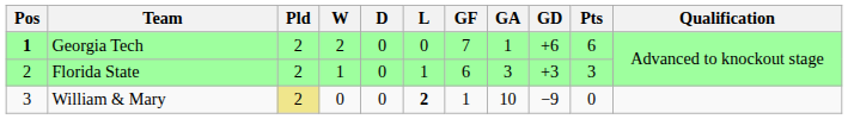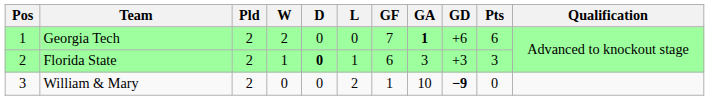 <table class="wikitable" style="text-align:center; margin: 1em auto">
 <tr>
 <th style="width:2em">Pos</th>
 <th style="width:13em">Team</th>
 <th style="width:2em">Pld</th>
 <th style="width:2em">W</th>
 <th style="width:2em">D</th>
 <th style="width:2em">L</th>
 <th style="width:2em">GF</th>
 <th style="width:2em">GA</th>
 <th style="width:2em">GD</th>
 <th style="width:2em">Pts</th>
 <th style="width:13em">Qualification</th>
 </tr>
 <tr bgcolor="#9eff9e">
-<td><strong>1</strong></td>
+<td>1</td>
 <td style="text-align:left">Georgia Tech</td>
 <td>2</td>
 <td>2</td>
 <td>0</td>
 <td>0</td>
 <td>7</td>
-<td>1</td>
+<td><strong>1</strong></td>
 <td>+6</td>
 <td>6</td>
 <td rowspan="2">Advanced to knockout stage</td>
 </tr>
 <tr bgcolor="#9eff9e">
 <td>2</td>
 <td style="text-align:left">Florida State</td>
 <td>2</td>
 <td>1</td>
-<td>0</td>
+<td><strong>0</strong></td>
 <td>1</td>
 <td>6</td>
 <td>3</td>
 <td>+3</td>
 <td>3</td>
 </tr>
 <tr>
 <td>3</td>
 <td style="text-align:left">William & Mary</td>
-<td style="background: khaki;">2</td>
+<td>2</td>
 <td>0</td>
 <td>0</td>
-<td><strong>2</strong></td>
+<td>2</td>
 <td>1</td>
 <td>10</td>
-<td>−9</td>
+<td><strong>−9</strong></td>
 <td>0</td>
 <td></td>
 </tr>
 </table>
